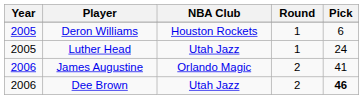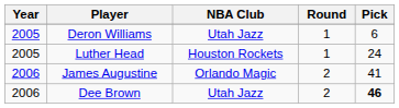 <table class="wikitable" width="500">
 <tr>
 <th>Year</th>
 <th>Player</th>
 <th>NBA Club</th>
 <th>Round</th>
 <th>Pick</th>
 </tr>
 <tr>
 </tr>
 <tr align="center" bgcolor="">
 <td><a href='#'>2005</a></td>
 <td><a href='#'>Deron Williams</a></td>
-<td><a href='#'>Houston Rockets</a></td>
+<td><a href='#'>Utah Jazz</a></td>
 <td>1</td>
 <td>6</td>
 </tr>
 <tr align="center" bgcolor="">
 <td>2005</td>
 <td><a href='#'>Luther Head</a></td>
-<td><a href='#'>Utah Jazz</a></td>
+<td><a href='#'>Houston Rockets</a></td>
 <td>1</td>
 <td>24</td>
 </tr>
 <tr align="center" bgcolor="">
 <td><a href='#'>2006</a></td>
 <td><a href='#'>James Augustine</a></td>
 <td><a href='#'>Orlando Magic</a></td>
 <td>2</td>
 <td>41</td>
 </tr>
 <tr align="center" bgcolor="">
 <td>2006</td>
 <td><a href='#'>Dee Brown</a></td>
 <td><a href='#'>Utah Jazz</a></td>
 <td>2</td>
 <td><strong>46</strong></td>
 </tr>
 </table>
